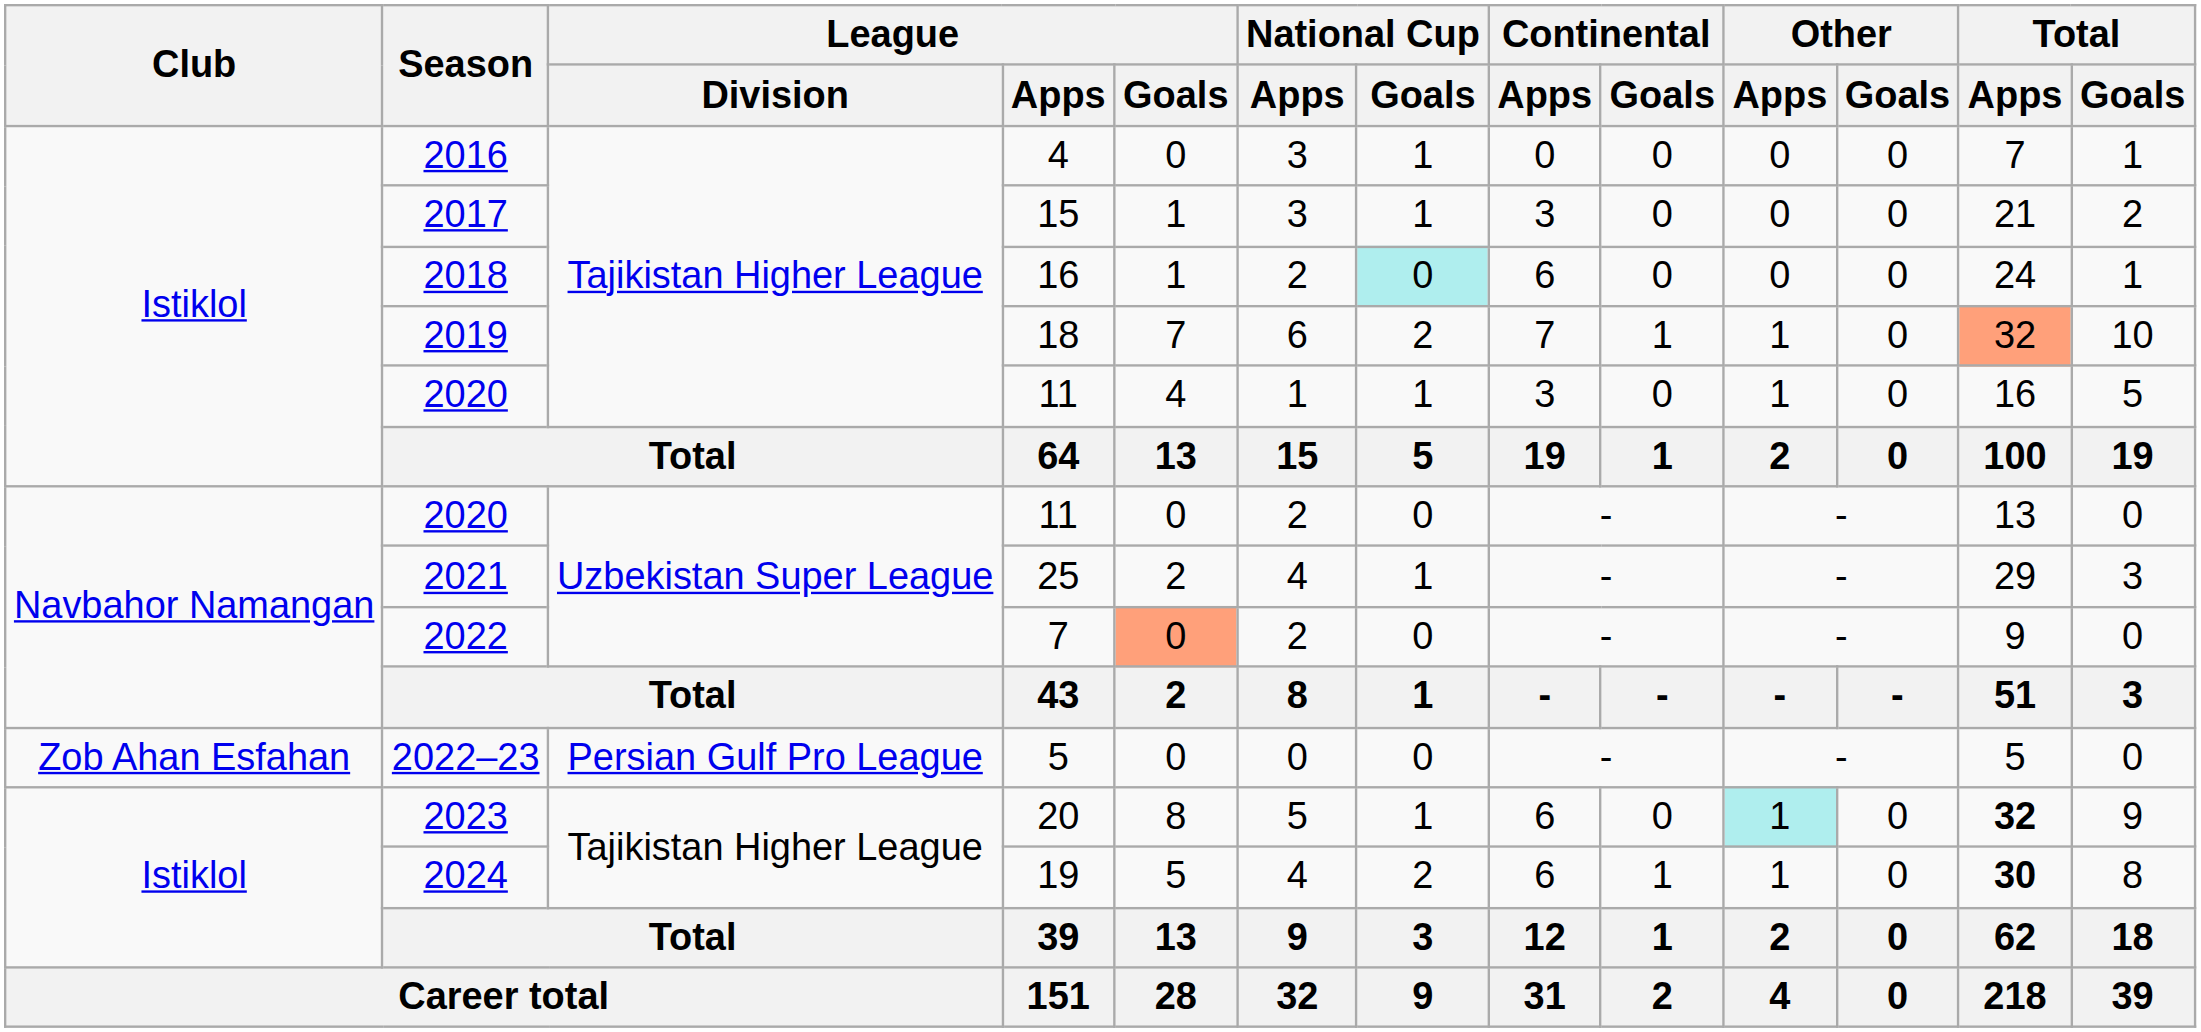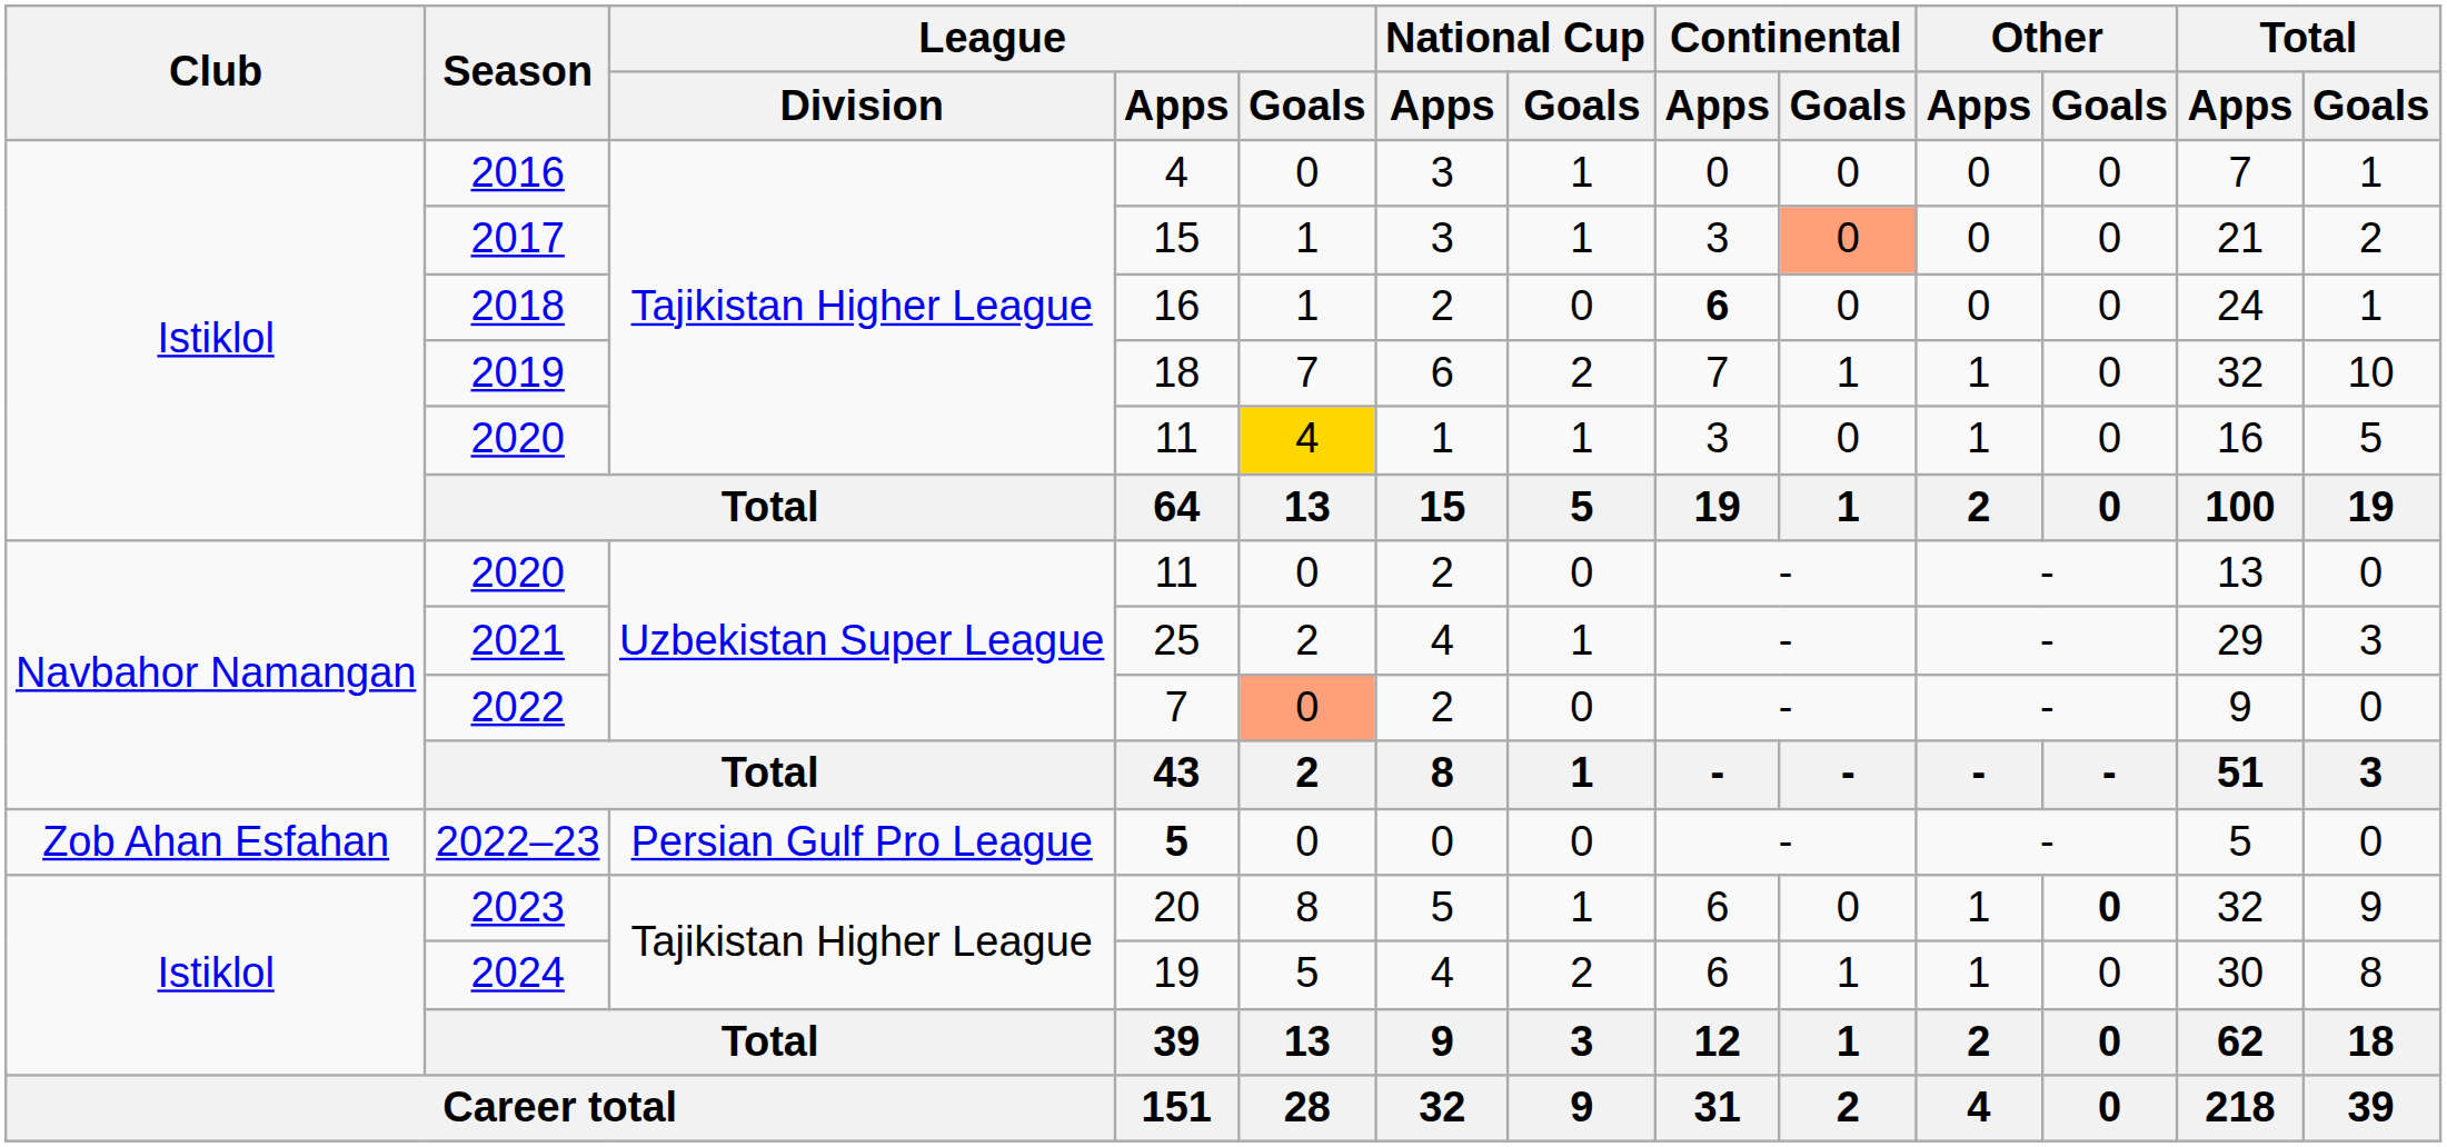 <table class="wikitable" style="text-align: center;">
 <tr>
 <th rowspan="2">Club</th>
 <th rowspan="2">Season</th>
 <th colspan="3">League</th>
 <th colspan="2">National Cup</th>
 <th colspan="2">Continental</th>
 <th colspan="2">Other</th>
 <th colspan="2">Total</th>
 </tr>
 <tr>
 <th>Division</th>
 <th>Apps</th>
 <th>Goals</th>
 <th>Apps</th>
 <th>Goals</th>
 <th>Apps</th>
 <th>Goals</th>
 <th>Apps</th>
 <th>Goals</th>
 <th>Apps</th>
 <th>Goals</th>
 </tr>
 <tr>
 <td rowspan="6" valign="center"><a href='#'>Istiklol</a></td>
 <td><a href='#'>2016</a></td>
 <td rowspan="5" valign="center"><a href='#'>Tajikistan Higher League</a></td>
 <td>4</td>
 <td>0</td>
 <td>3</td>
 <td>1</td>
 <td>0</td>
 <td>0</td>
 <td>0</td>
 <td>0</td>
 <td>7</td>
 <td>1</td>
 </tr>
 <tr>
 <td><a href='#'>2017</a></td>
 <td>15</td>
 <td>1</td>
 <td>3</td>
 <td>1</td>
 <td>3</td>
-<td>0</td>
+<td style="background: lightsalmon;">0</td>
 <td>0</td>
 <td>0</td>
 <td>21</td>
 <td>2</td>
 </tr>
 <tr>
 <td><a href='#'>2018</a></td>
 <td>16</td>
 <td>1</td>
 <td>2</td>
-<td style="background: paleturquoise;">0</td>
-<td>6</td>
+<td>0</td>
+<td><strong>6</strong></td>
 <td>0</td>
 <td>0</td>
 <td>0</td>
 <td>24</td>
 <td>1</td>
 </tr>
 <tr>
 <td><a href='#'>2019</a></td>
 <td>18</td>
 <td>7</td>
 <td>6</td>
 <td>2</td>
 <td>7</td>
 <td>1</td>
 <td>1</td>
 <td>0</td>
-<td style="background: lightsalmon;">32</td>
+<td>32</td>
 <td>10</td>
 </tr>
 <tr>
 <td><a href='#'>2020</a></td>
 <td>11</td>
-<td>4</td>
+<td style="background: gold;">4</td>
 <td>1</td>
 <td>1</td>
 <td>3</td>
 <td>0</td>
 <td>1</td>
 <td>0</td>
 <td>16</td>
 <td>5</td>
 </tr>
 <tr>
 <th colspan="2">Total</th>
 <th>64</th>
 <th>13</th>
 <th>15</th>
 <th>5</th>
 <th>19</th>
 <th>1</th>
 <th>2</th>
 <th>0</th>
 <th>100</th>
 <th>19</th>
 </tr>
 <tr>
 <td rowspan="4" valign="center"><a href='#'>Navbahor Namangan</a></td>
 <td><a href='#'>2020</a></td>
 <td rowspan="3" valign="center"><a href='#'>Uzbekistan Super League</a></td>
 <td>11</td>
 <td>0</td>
 <td>2</td>
 <td>0</td>
 <td colspan="2">-</td>
 <td colspan="2">-</td>
 <td>13</td>
 <td>0</td>
 </tr>
 <tr>
 <td><a href='#'>2021</a></td>
 <td>25</td>
 <td>2</td>
 <td>4</td>
 <td>1</td>
 <td colspan="2">-</td>
 <td colspan="2">-</td>
 <td>29</td>
 <td>3</td>
 </tr>
 <tr>
 <td><a href='#'>2022</a></td>
 <td>7</td>
 <td style="background: lightsalmon;">0</td>
 <td>2</td>
 <td>0</td>
 <td colspan="2">-</td>
 <td colspan="2">-</td>
 <td>9</td>
 <td>0</td>
 </tr>
 <tr>
 <th colspan="2">Total</th>
 <th>43</th>
 <th>2</th>
 <th>8</th>
 <th>1</th>
 <th>-</th>
 <th>-</th>
 <th>-</th>
 <th>-</th>
 <th>51</th>
 <th>3</th>
 </tr>
 <tr>
 <td rowspan="1" valign="center"><a href='#'>Zob Ahan Esfahan</a></td>
 <td><a href='#'>2022–23</a></td>
 <td rowspan="1" valign="center"><a href='#'>Persian Gulf Pro League</a></td>
-<td>5</td>
+<td><strong>5</strong></td>
 <td>0</td>
 <td>0</td>
 <td>0</td>
 <td colspan="2">-</td>
 <td colspan="2">-</td>
 <td>5</td>
 <td>0</td>
 </tr>
 <tr>
 <td rowspan="3" valign="center"><a href='#'>Istiklol</a></td>
 <td><a href='#'>2023</a></td>
 <td rowspan="2" valign="center">Tajikistan Higher League</td>
 <td>20</td>
 <td>8</td>
 <td>5</td>
 <td>1</td>
 <td>6</td>
 <td>0</td>
-<td style="background: paleturquoise;">1</td>
-<td>0</td>
-<td><strong>32</strong></td>
+<td>1</td>
+<td><strong>0</strong></td>
+<td>32</td>
 <td>9</td>
 </tr>
 <tr>
 <td><a href='#'>2024</a></td>
 <td>19</td>
 <td>5</td>
 <td>4</td>
 <td>2</td>
 <td>6</td>
 <td>1</td>
 <td>1</td>
 <td>0</td>
-<td><strong>30</strong></td>
+<td>30</td>
 <td>8</td>
 </tr>
 <tr>
 <th colspan="2">Total</th>
 <th>39</th>
 <th>13</th>
 <th>9</th>
 <th>3</th>
 <th>12</th>
 <th>1</th>
 <th>2</th>
 <th>0</th>
 <th>62</th>
 <th>18</th>
 </tr>
 <tr>
 <th colspan="3">Career total</th>
 <th>151</th>
 <th>28</th>
 <th>32</th>
 <th>9</th>
 <th>31</th>
 <th>2</th>
 <th>4</th>
 <th>0</th>
 <th>218</th>
 <th>39</th>
 </tr>
 </table>
